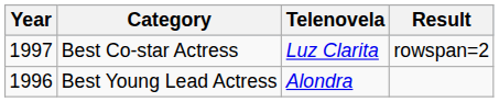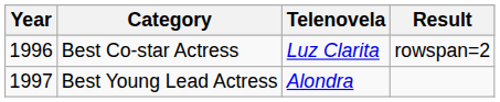 <table class="wikitable">
 <tr style="background:#b0c4de;">
 <th>Year</th>
 <th>Category</th>
 <th>Telenovela</th>
 <th>Result</th>
 </tr>
 <tr>
-<td>1997</td>
+<td>1996</td>
 <td>Best Co-star Actress</td>
 <td><em><a href='#'>Luz Clarita</a></em></td>
 <td>rowspan=2 </td>
 </tr>
 <tr>
-<td>1996</td>
+<td>1997</td>
 <td>Best Young Lead Actress</td>
 <td><em><a href='#'>Alondra</a></em></td>
 </tr>
 </table>
